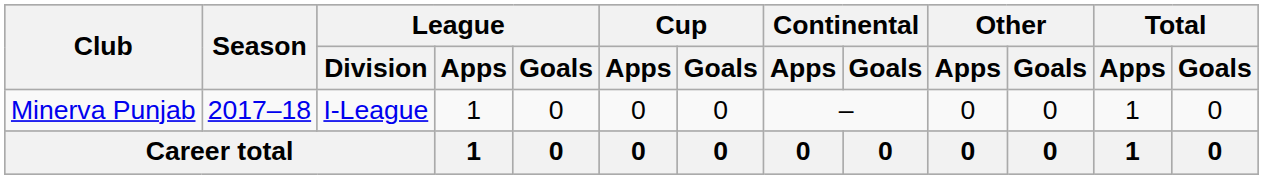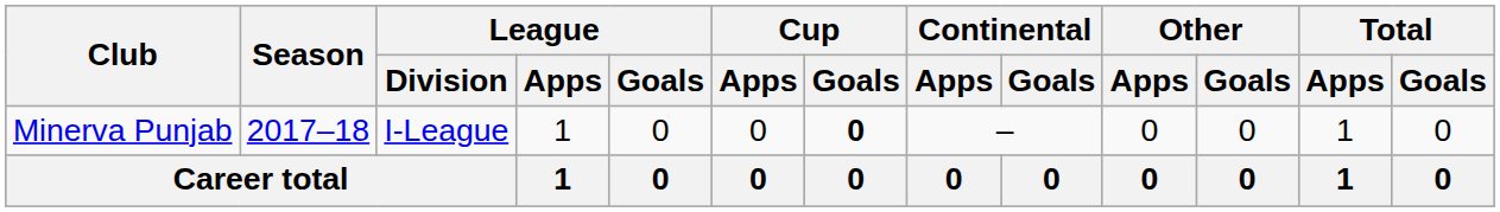 <table class="wikitable" style="text-align: center">
 <tr>
 <th rowspan="2">Club</th>
 <th rowspan="2">Season</th>
 <th colspan="3">League</th>
 <th colspan="2">Cup</th>
 <th colspan="2">Continental</th>
 <th colspan="2">Other</th>
 <th colspan="2">Total</th>
 </tr>
 <tr>
 <th>Division</th>
 <th>Apps</th>
 <th>Goals</th>
 <th>Apps</th>
 <th>Goals</th>
 <th>Apps</th>
 <th>Goals</th>
 <th>Apps</th>
 <th>Goals</th>
 <th>Apps</th>
 <th>Goals</th>
 </tr>
 <tr>
 <td><a href='#'>Minerva Punjab</a></td>
 <td><a href='#'>2017–18</a></td>
 <td><a href='#'>I-League</a></td>
 <td>1</td>
 <td>0</td>
 <td>0</td>
-<td>0</td>
+<td><strong>0</strong></td>
 <td colspan="2">–</td>
 <td>0</td>
 <td>0</td>
 <td>1</td>
 <td>0</td>
 </tr>
 <tr>
 <th colspan="3"><strong>Career total</strong></th>
 <th>1</th>
 <th>0</th>
 <th>0</th>
 <th>0</th>
 <th>0</th>
 <th>0</th>
 <th>0</th>
 <th>0</th>
 <th>1</th>
 <th>0</th>
 </tr>
 </table>
